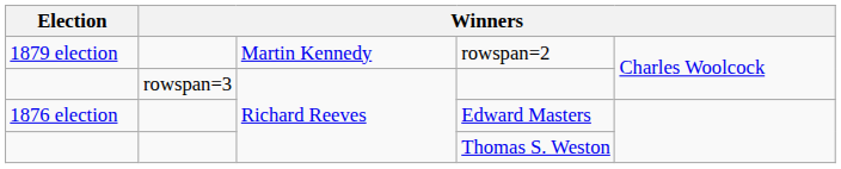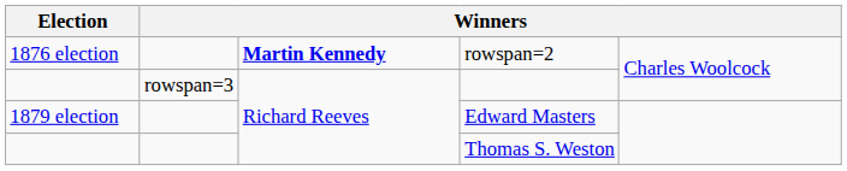 <table class=wikitable>
 <tr>
 <th width=100>Election</th>
 <th width=350 colspan=4>Winners</th>
 </tr>
 <tr>
-<td><a href='#'>1879 election</a></td>
+<td><a href='#'>1876 election</a></td>
 <td></td>
-<td width=170><a href='#'>Martin Kennedy</a></td>
+<td width=170><strong><a href='#'>Martin Kennedy</a></strong></td>
 <td>rowspan=2 </td>
 <td width=170 rowspan=2><a href='#'>Charles Woolcock</a></td>
 </tr>
 <tr>
 <td></td>
 <td>rowspan=3 </td>
 <td rowspan=3><a href='#'>Richard Reeves</a></td>
 </tr>
 <tr>
-<td><a href='#'>1876 election</a></td>
+<td><a href='#'>1879 election</a></td>
 <td></td>
 <td><a href='#'>Edward Masters</a></td>
 </tr>
 <tr>
 <td></td>
 <td></td>
 <td><a href='#'>Thomas S. Weston</a></td>
 </tr>
 </table>
